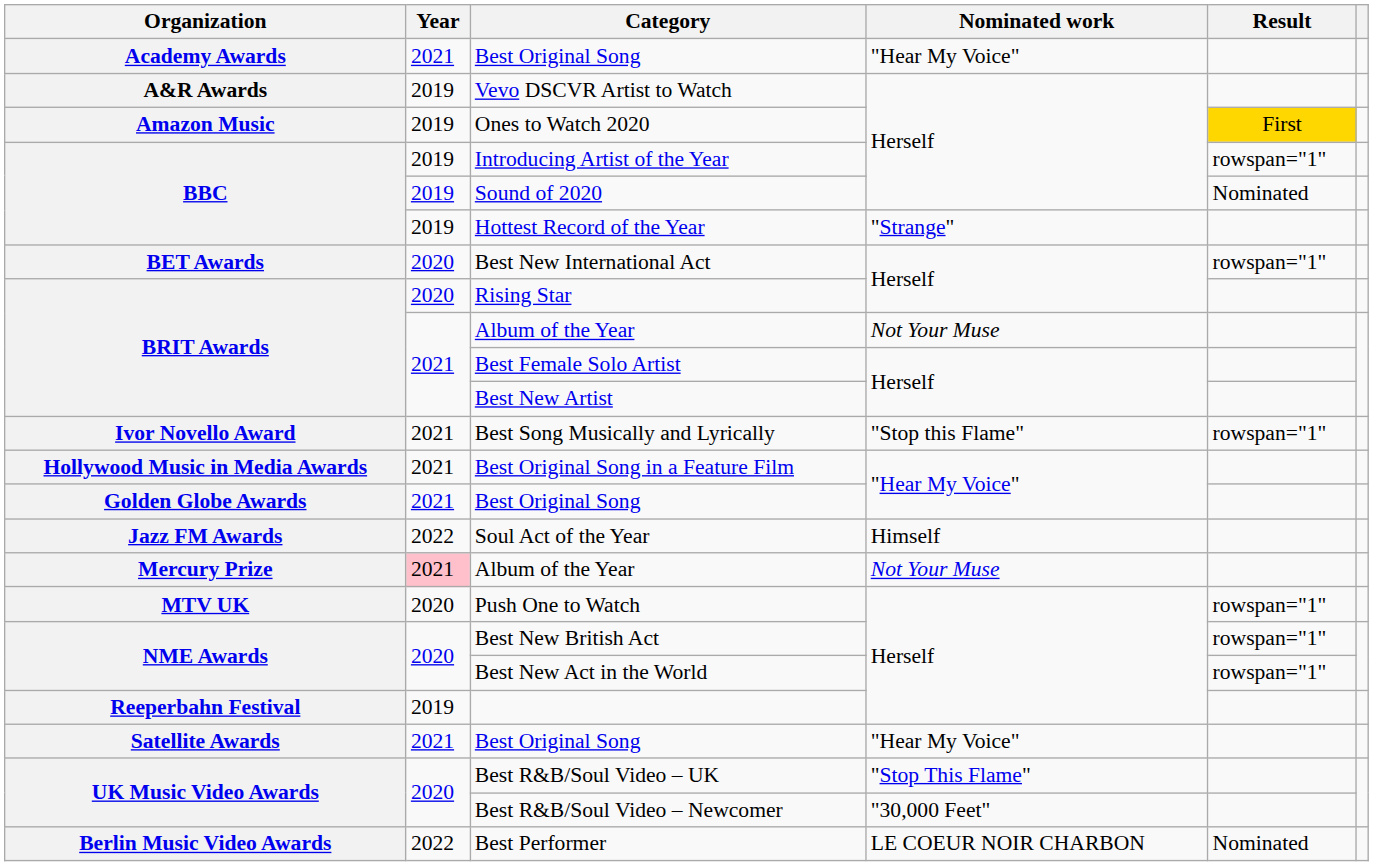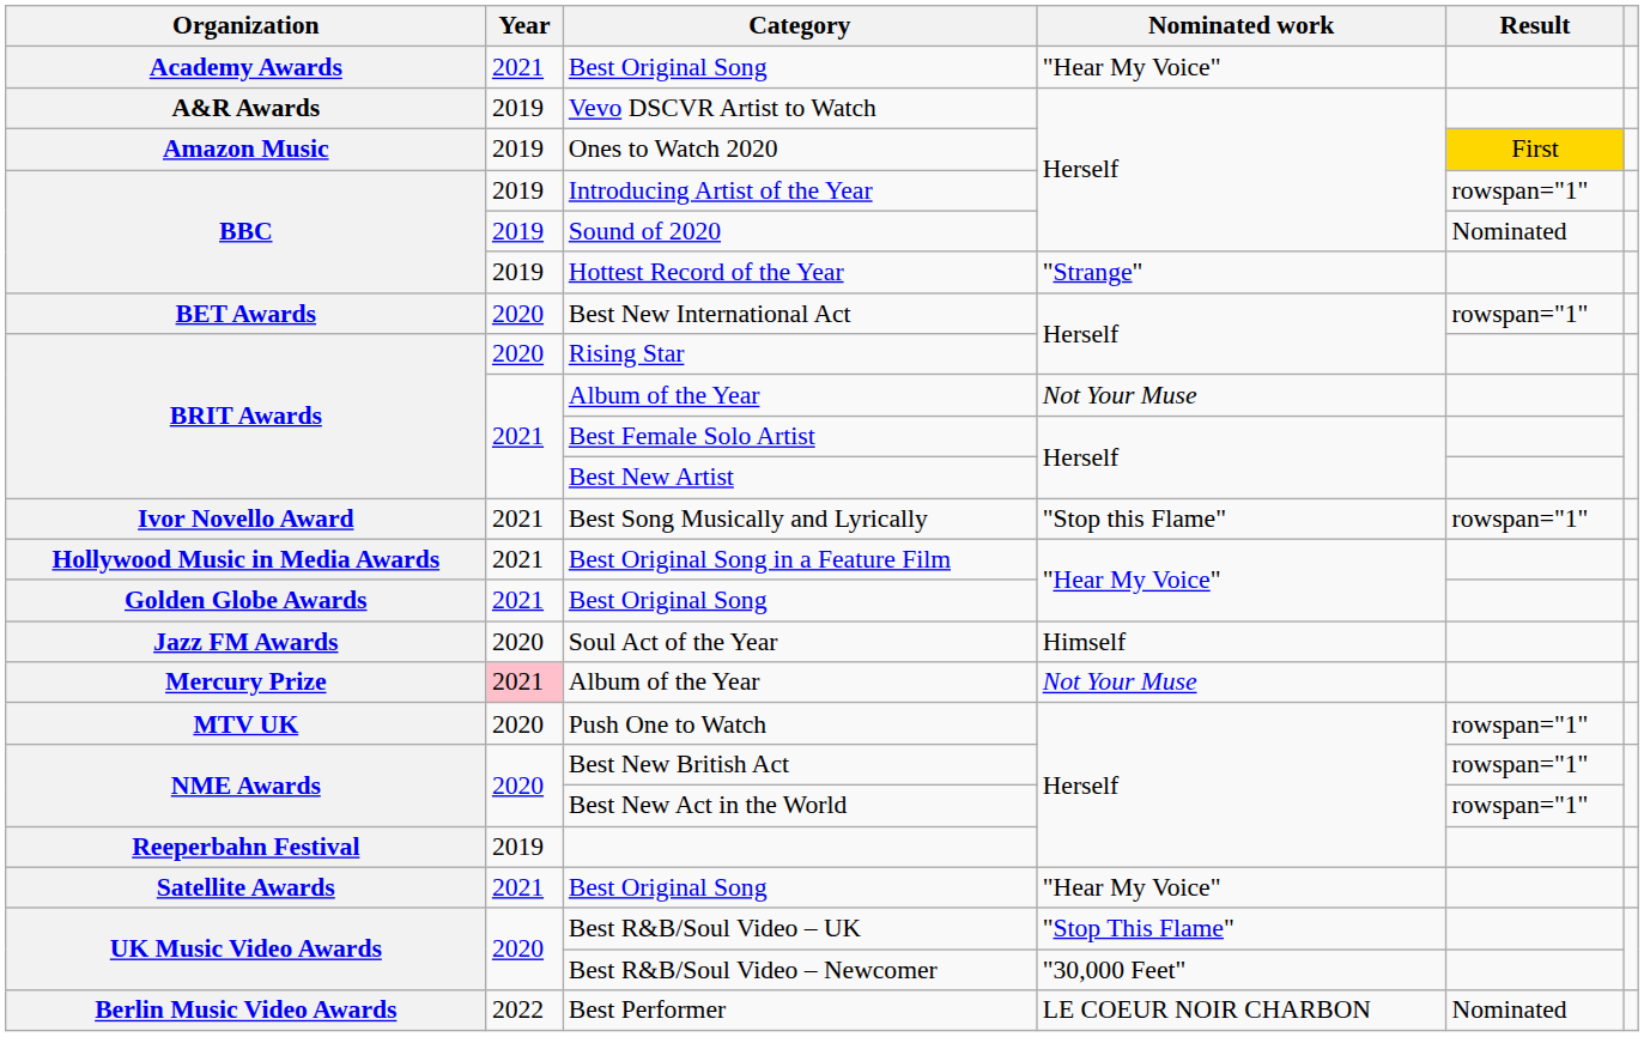 <table class="wikitable sortable plainrowheaders" style="width: 80%;">
 <tr>
 <th scope="col">Organization</th>
 <th scope="col">Year</th>
 <th scope="col">Category</th>
 <th scope="col">Nominated work</th>
 <th scope="col">Result</th>
 <th scope="col" class="unsortable"></th>
 </tr>
 <tr>
 <th rowspan="1" scope="row"><a href='#'>Academy Awards</a></th>
 <td rowspan="1"><a href='#'>2021</a></td>
 <td><a href='#'>Best Original Song</a></td>
 <td>"Hear My Voice"</td>
 <td></td>
 <td rowspan="1" style="text-align:center;"></td>
 </tr>
 <tr>
 <th rowspan="1" scope="row">A&R Awards</th>
 <td rowspan="1">2019</td>
 <td><a href='#'>Vevo</a> DSCVR Artist to Watch</td>
 <td rowspan="4">Herself</td>
 <td></td>
 <td rowspan="1" style="text-align:center;"></td>
 </tr>
 <tr>
 <th rowspan="1" scope="row"><a href='#'>Amazon Music</a></th>
 <td rowspan="1">2019</td>
 <td>Ones to Watch 2020</td>
 <td style="background:gold; text-align:center;">First</td>
 <td rowspan="1" style="text-align:center;"></td>
 </tr>
 <tr>
 <th rowspan="3" scope="row"><a href='#'>BBC</a></th>
 <td rowspan="1">2019</td>
 <td><a href='#'>Introducing Artist of the Year</a></td>
 <td>rowspan="1" </td>
 <td rowspan="1" style="text-align:center;"></td>
 </tr>
 <tr>
 <td rowspan="1"><a href='#'>2019</a></td>
 <td><a href='#'>Sound of 2020</a></td>
 <td>Nominated</td>
 <td rowspan="1" style="text-align:center;"></td>
 </tr>
 <tr>
 <td rowspan="1">2019</td>
 <td><a href='#'>Hottest Record of the Year</a></td>
 <td>"<a href='#'>Strange</a>"</td>
 <td></td>
 <td rowspan="1" style="text-align:center;"></td>
 </tr>
 <tr>
 <th rowspan="1" scope="row"><a href='#'>BET Awards</a></th>
 <td rowspan="1"><a href='#'>2020</a></td>
 <td>Best New International Act</td>
 <td rowspan="2">Herself</td>
 <td>rowspan="1" </td>
 <td rowspan="1" style="text-align:center;"></td>
 </tr>
 <tr>
 <th rowspan="4" scope="row"><a href='#'>BRIT Awards</a></th>
 <td rowspan="1"><a href='#'>2020</a></td>
 <td><a href='#'>Rising Star</a></td>
 <td></td>
 <td rowspan="1" style="text-align:center;"></td>
 </tr>
 <tr>
 <td rowspan="3"><a href='#'>2021</a></td>
 <td><a href='#'>Album of the Year</a></td>
 <td><em>Not Your Muse</em></td>
 <td></td>
 <td rowspan="3" style="text-align:center;"></td>
 </tr>
 <tr>
 <td><a href='#'>Best Female Solo Artist</a></td>
 <td rowspan="2">Herself</td>
 <td></td>
 </tr>
 <tr>
 <td><a href='#'>Best New Artist</a></td>
 <td></td>
 </tr>
 <tr>
 <th><a href='#'>Ivor Novello Award</a></th>
 <td>2021</td>
 <td>Best Song Musically and Lyrically</td>
 <td>"Stop this Flame"</td>
 <td>rowspan="1" </td>
 <td></td>
 </tr>
 <tr>
 <th rowspan="1" scope="row"><a href='#'>Hollywood Music in Media Awards</a></th>
 <td rowspan="1">2021</td>
 <td><a href='#'>Best Original Song in a Feature Film</a></td>
 <td rowspan=2>"<a href='#'>Hear My Voice</a>"</td>
 <td></td>
 <td rowspan="1" style="text-align:center;"></td>
 </tr>
 <tr>
 <th rowspan="1" scope="row"><a href='#'>Golden Globe Awards</a></th>
 <td rowspan="1"><a href='#'>2021</a></td>
 <td><a href='#'>Best Original Song</a></td>
 <td></td>
 <td rowspan="1" style="text-align:center;"></td>
 </tr>
 <tr>
 <th rowspan="1" scope="row"><a href='#'>Jazz FM Awards</a></th>
-<td rowspan="1">2022</td>
+<td rowspan="1">2020</td>
 <td>Soul Act of the Year</td>
 <td>Himself</td>
 <td></td>
 <td rowspan="1" style="text-align:center;"></td>
 </tr>
 <tr>
 <th scope="row"><a href='#'>Mercury Prize</a></th>
 <td style="background: pink;">2021</td>
 <td>Album of the Year</td>
 <td><em><a href='#'>Not Your Muse</a></em></td>
 <td></td>
 <td style="text-align:center;"></td>
 </tr>
 <tr>
 <th rowspan="1" scope="row"><a href='#'>MTV UK</a></th>
 <td rowspan="1">2020</td>
 <td>Push One to Watch</td>
 <td rowspan="4">Herself</td>
 <td>rowspan="1" </td>
 <td rowspan="1" style="text-align:center;"></td>
 </tr>
 <tr>
 <th rowspan="2" scope="row"><a href='#'>NME Awards</a></th>
 <td rowspan="2"><a href='#'>2020</a></td>
 <td>Best New British Act</td>
 <td>rowspan="1" </td>
 <td rowspan="2" style="text-align:center;"></td>
 </tr>
 <tr>
 <td>Best New Act in the World</td>
 <td>rowspan="1" </td>
 </tr>
 <tr>
 <th rowspan="1" scope="row"><a href='#'>Reeperbahn Festival</a></th>
 <td rowspan="1">2019</td>
 <td></td>
 <td></td>
 <td rowspan="1" style="text-align:center;"></td>
 </tr>
 <tr>
 <th rowspan="1" scope="row"><a href='#'>Satellite Awards</a></th>
 <td rowspan="1"><a href='#'>2021</a></td>
 <td><a href='#'>Best Original Song</a></td>
 <td>"Hear My Voice"</td>
 <td></td>
 <td rowspan="1" style="text-align:center;"></td>
 </tr>
 <tr>
 <th rowspan="2" scope="row"><a href='#'>UK Music Video Awards</a></th>
 <td rowspan="2"><a href='#'>2020</a></td>
 <td>Best R&B/Soul Video – UK</td>
 <td>"<a href='#'>Stop This Flame</a>"</td>
 <td></td>
 <td rowspan="2" style="text-align:center;"></td>
 </tr>
 <tr>
 <td>Best R&B/Soul Video – Newcomer</td>
 <td>"30,000 Feet" </td>
 <td></td>
 </tr>
 <tr>
 <th><a href='#'>Berlin Music Video Awards</a></th>
 <td>2022</td>
 <td>Best Performer</td>
 <td>LE COEUR NOIR CHARBON</td>
 <td>Nominated</td>
 <td></td>
 </tr>
 </table>
